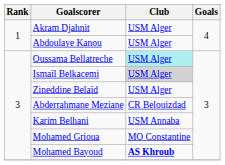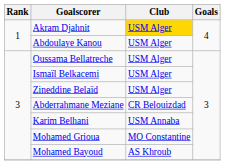 <table class="wikitable" style="font-size: 95%;">
 <tr bgcolor="#CCCCCC" align="center">
 <th scope="col">Rank</th>
 <th scope="col">Goalscorer</th>
 <th scope="col">Club</th>
 <th scope="col">Goals</th>
 </tr>
 <tr>
 <td rowspan=2 align="center">1</td>
 <td> <a href='#'>Akram Djahnit</a></td>
-<td><a href='#'>USM Alger</a></td>
+<td style="background: gold;"><a href='#'>USM Alger</a></td>
 <td rowspan=2 align="center">4</td>
 </tr>
 <tr>
 <td> <a href='#'>Abdoulaye Kanou</a></td>
 <td><a href='#'>USM Alger</a></td>
 </tr>
 <tr>
 <td rowspan=7 align="center">3</td>
 <td> <a href='#'>Oussama Bellatreche</a></td>
-<td style="background: paleturquoise;"><a href='#'>USM Alger</a></td>
+<td><a href='#'>USM Alger</a></td>
 <td rowspan=7 align="center">3</td>
 </tr>
 <tr>
 <td> <a href='#'>Ismaïl Belkacemi</a></td>
-<td style="background: lightgrey;"><a href='#'>USM Alger</a></td>
+<td><a href='#'>USM Alger</a></td>
 </tr>
 <tr>
 <td> <a href='#'>Zineddine Belaïd</a></td>
 <td><a href='#'>USM Alger</a></td>
 </tr>
 <tr>
 <td> <a href='#'>Abderrahmane Meziane</a></td>
 <td><a href='#'>CR Belouizdad</a></td>
 </tr>
 <tr>
 <td> <a href='#'>Karim Belhani</a></td>
 <td><a href='#'>USM Annaba</a></td>
 </tr>
 <tr>
 <td> <a href='#'>Mohamed Grioua</a></td>
 <td><a href='#'>MO Constantine</a></td>
 </tr>
 <tr>
 <td> <a href='#'>Mohamed Bayoud</a></td>
-<td><strong><a href='#'>AS Khroub</a></strong></td>
+<td><a href='#'>AS Khroub</a></td>
 </tr>
 <tr>
 </tr>
 </table>
